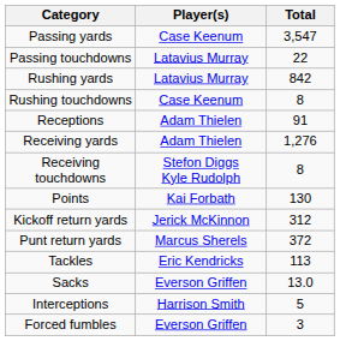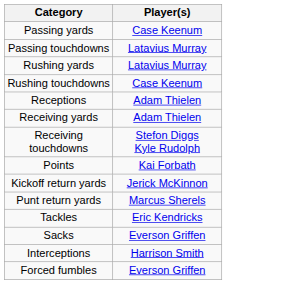 <table class="wikitable" style="text-align:center">
 <tr>
 <th width=150px>Category</th>
 <th width=150px>Player(s)</th>
-<th width=75px>Total</th>
 </tr>
 <tr>
 <td>Passing yards</td>
 <td><a href='#'>Case Keenum</a></td>
-<td>3,547</td>
 </tr>
 <tr>
 <td>Passing touchdowns</td>
 <td><a href='#'>Latavius Murray</a></td>
-<td>22</td>
 </tr>
 <tr>
 <td>Rushing yards</td>
 <td><a href='#'>Latavius Murray</a></td>
-<td>842</td>
 </tr>
 <tr>
 <td>Rushing touchdowns</td>
 <td><a href='#'>Case Keenum</a></td>
-<td>8</td>
 </tr>
 <tr>
 <td>Receptions</td>
 <td><a href='#'>Adam Thielen</a></td>
-<td>91</td>
 </tr>
 <tr>
 <td>Receiving yards</td>
 <td><a href='#'>Adam Thielen</a></td>
-<td>1,276</td>
 </tr>
 <tr>
 <td>Receiving touchdowns</td>
 <td><a href='#'>Stefon Diggs</a><br><a href='#'>Kyle Rudolph</a></td>
-<td>8</td>
 </tr>
 <tr>
 <td>Points</td>
 <td><a href='#'>Kai Forbath</a></td>
-<td>130</td>
 </tr>
 <tr>
 <td>Kickoff return yards</td>
 <td><a href='#'>Jerick McKinnon</a></td>
-<td>312</td>
 </tr>
 <tr>
 <td>Punt return yards</td>
 <td><a href='#'>Marcus Sherels</a></td>
-<td>372</td>
 </tr>
 <tr>
 <td>Tackles</td>
 <td><a href='#'>Eric Kendricks</a></td>
-<td>113</td>
 </tr>
 <tr>
 <td>Sacks</td>
 <td><a href='#'>Everson Griffen</a></td>
-<td>13.0</td>
 </tr>
 <tr>
 <td>Interceptions</td>
 <td><a href='#'>Harrison Smith</a></td>
-<td>5</td>
 </tr>
 <tr>
 <td>Forced fumbles</td>
 <td><a href='#'>Everson Griffen</a></td>
-<td>3</td>
 </tr>
 </table>
